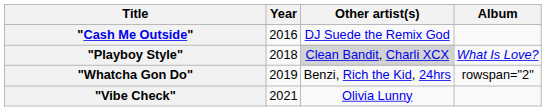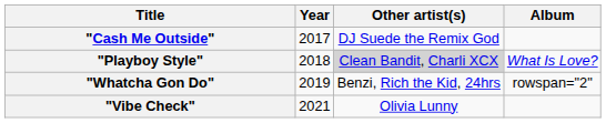 <table class="wikitable plainrowheaders" style="text-align:center;" border="1">
 <tr>
 <th scope="col" style="width:20em;">Title</th>
 <th scope="col">Year</th>
 <th scope="col">Other artist(s)</th>
 <th scope="col">Album</th>
 </tr>
 <tr>
 <th scope="row">"<a href='#'>Cash Me Outside</a>"</th>
-<td>2016</td>
+<td>2017</td>
 <td><a href='#'>DJ Suede the Remix God</a></td>
 <td></td>
 </tr>
 <tr>
 <th scope="row">"Playboy Style"</th>
 <td>2018</td>
 <td style="background: lightgrey;"><a href='#'>Clean Bandit</a>, <a href='#'>Charli XCX</a></td>
 <td><em><a href='#'>What Is Love?</a></em></td>
 </tr>
 <tr>
 <th scope="row">"Whatcha Gon Do"</th>
 <td>2019</td>
 <td>Benzi, <a href='#'>Rich the Kid</a>, <a href='#'>24hrs</a></td>
 <td>rowspan="2" </td>
 </tr>
 <tr>
 <th scope="row">"Vibe Check"</th>
 <td>2021</td>
 <td><a href='#'>Olivia Lunny</a></td>
 </tr>
 </table>
